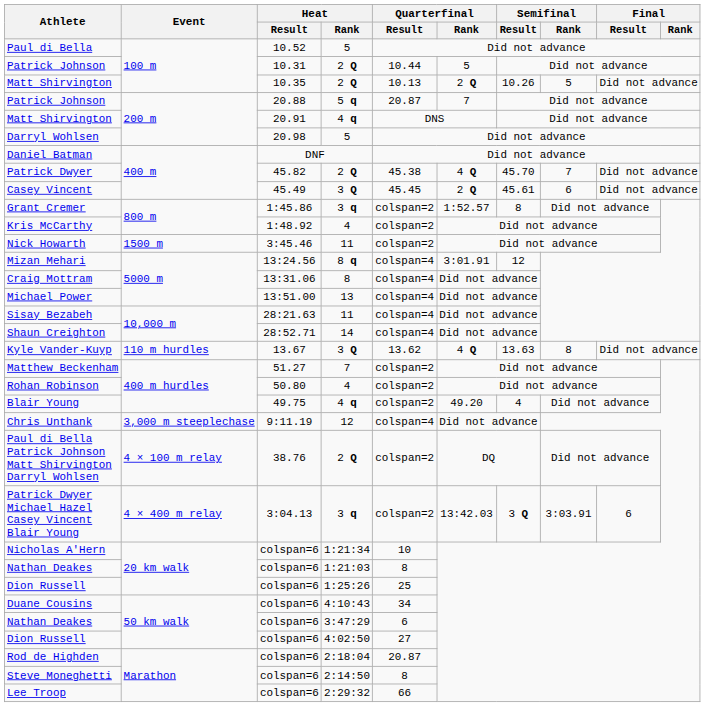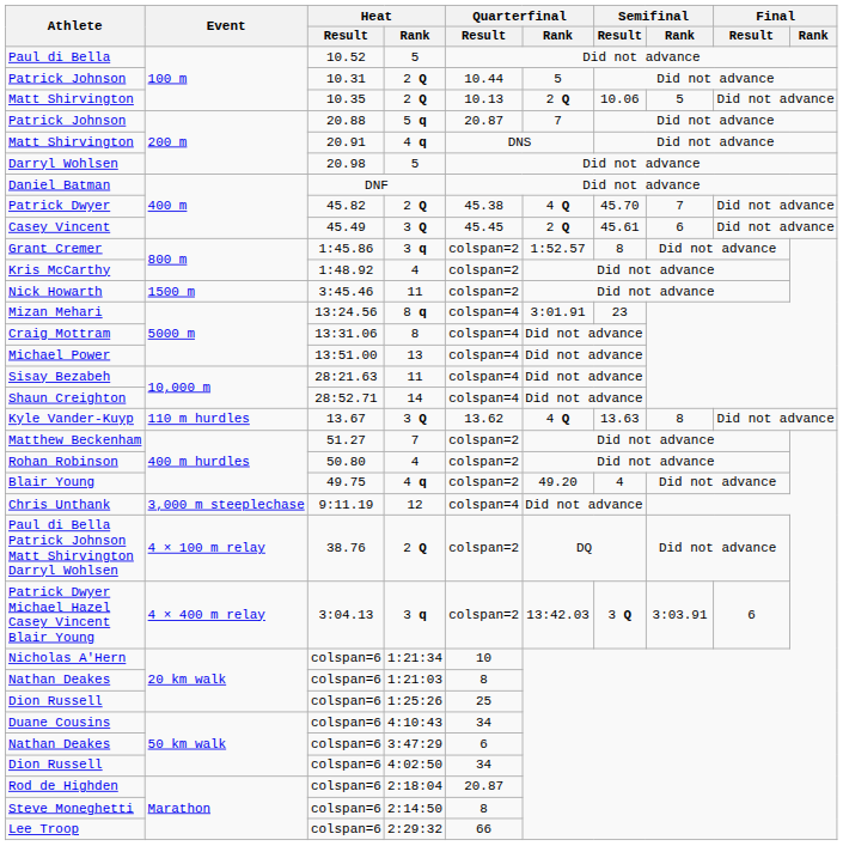 <table class="wikitable" style="font-size:100%;">
 <tr>
 <th rowspan="2">Athlete</th>
 <th rowspan="2">Event</th>
 <th colspan="2">Heat</th>
 <th colspan="2">Quarterfinal</th>
 <th colspan="2">Semifinal</th>
 <th colspan="2">Final</th>
 </tr>
 <tr style="font-size:95%">
 <th>Result</th>
 <th>Rank</th>
 <th>Result</th>
 <th>Rank</th>
 <th>Result</th>
 <th>Rank</th>
 <th>Result</th>
 <th>Rank</th>
 </tr>
 <tr align=center>
 <td align=left><a href='#'>Paul di Bella</a></td>
 <td align=left rowspan=3><a href='#'>100 m</a></td>
 <td>10.52</td>
 <td>5</td>
 <td colspan=6>Did not advance</td>
 </tr>
 <tr align=center>
 <td align=left><a href='#'>Patrick Johnson</a></td>
 <td>10.31</td>
 <td>2 <strong>Q</strong></td>
 <td>10.44</td>
 <td>5</td>
 <td colspan=4>Did not advance</td>
 </tr>
 <tr align=center>
 <td align=left><a href='#'>Matt Shirvington</a></td>
 <td>10.35</td>
 <td>2 <strong>Q</strong></td>
 <td>10.13</td>
 <td>2 <strong>Q</strong></td>
-<td>10.26</td>
+<td>10.06</td>
 <td>5</td>
 <td colspan=2>Did not advance</td>
 </tr>
 <tr align=center>
 <td align=left><a href='#'>Patrick Johnson</a></td>
 <td align=left rowspan=3><a href='#'>200 m</a></td>
 <td>20.88</td>
 <td>5 <strong>q</strong></td>
 <td>20.87</td>
 <td>7</td>
 <td colspan=4>Did not advance</td>
 </tr>
 <tr align=center>
 <td align=left><a href='#'>Matt Shirvington</a></td>
 <td>20.91</td>
 <td>4 <strong>q</strong></td>
 <td colspan=2>DNS</td>
 <td colspan=4>Did not advance</td>
 </tr>
 <tr align=center>
 <td align=left><a href='#'>Darryl Wohlsen</a></td>
 <td>20.98</td>
 <td>5</td>
 <td colspan=6>Did not advance</td>
 </tr>
 <tr align=center>
 <td align=left><a href='#'>Daniel Batman</a></td>
 <td align=left rowspan=3><a href='#'>400 m</a></td>
 <td colspan=2>DNF</td>
 <td colspan=6>Did not advance</td>
 </tr>
 <tr align=center>
 <td align=left><a href='#'>Patrick Dwyer</a></td>
 <td>45.82</td>
 <td>2 <strong>Q</strong></td>
 <td>45.38</td>
 <td>4 <strong>Q</strong></td>
 <td>45.70</td>
 <td>7</td>
 <td colspan=2>Did not advance</td>
 </tr>
 <tr align=center>
 <td align=left><a href='#'>Casey Vincent</a></td>
 <td>45.49</td>
 <td>3 <strong>Q</strong></td>
 <td>45.45</td>
 <td>2 <strong>Q</strong></td>
 <td>45.61</td>
 <td>6</td>
 <td colspan=2>Did not advance</td>
 </tr>
 <tr align=center>
 <td align=left><a href='#'>Grant Cremer</a></td>
 <td align=left rowspan=2><a href='#'>800 m</a></td>
 <td>1:45.86</td>
 <td>3 <strong>q</strong></td>
 <td>colspan=2 </td>
 <td>1:52.57</td>
 <td>8</td>
 <td colspan=2>Did not advance</td>
 </tr>
 <tr align=center>
 <td align=left><a href='#'>Kris McCarthy</a></td>
 <td>1:48.92</td>
 <td>4</td>
 <td>colspan=2 </td>
 <td colspan=4>Did not advance</td>
 </tr>
 <tr align=center>
 <td align=left><a href='#'>Nick Howarth</a></td>
 <td align=left><a href='#'>1500 m</a></td>
 <td>3:45.46</td>
 <td>11</td>
 <td>colspan=2 </td>
 <td colspan=4>Did not advance</td>
 </tr>
 <tr align=center>
 <td align=left><a href='#'>Mizan Mehari</a></td>
 <td align=left rowspan=3><a href='#'>5000 m</a></td>
 <td>13:24.56</td>
 <td>8 <strong>q</strong></td>
 <td>colspan=4 </td>
 <td>3:01.91</td>
-<td>12</td>
+<td>23</td>
 </tr>
 <tr align=center>
 <td align=left><a href='#'>Craig Mottram</a></td>
 <td>13:31.06</td>
 <td>8</td>
 <td>colspan=4 </td>
 <td colspan=2>Did not advance</td>
 </tr>
 <tr align=center>
 <td align=left><a href='#'>Michael Power</a></td>
 <td>13:51.00</td>
 <td>13</td>
 <td>colspan=4 </td>
 <td colspan=2>Did not advance</td>
 </tr>
 <tr align=center>
 <td align=left><a href='#'>Sisay Bezabeh</a></td>
 <td align=left rowspan=2><a href='#'>10,000 m</a></td>
 <td>28:21.63</td>
 <td>11</td>
 <td>colspan=4 </td>
 <td colspan=2>Did not advance</td>
 </tr>
 <tr align=center>
 <td align=left><a href='#'>Shaun Creighton</a></td>
 <td>28:52.71</td>
 <td>14</td>
 <td>colspan=4 </td>
 <td colspan=2>Did not advance</td>
 </tr>
 <tr align=center>
 <td align=left><a href='#'>Kyle Vander-Kuyp</a></td>
 <td align=left><a href='#'>110 m hurdles</a></td>
 <td>13.67</td>
 <td>3 <strong>Q</strong></td>
 <td>13.62</td>
 <td>4 <strong>Q</strong></td>
 <td>13.63</td>
 <td>8</td>
 <td COLSPAN=2>Did not advance</td>
 </tr>
 <tr align=center>
 <td align=left><a href='#'>Matthew Beckenham</a></td>
 <td align=left rowspan=3><a href='#'>400 m hurdles</a></td>
 <td>51.27</td>
 <td>7</td>
 <td>colspan=2 </td>
 <td colspan=4>Did not advance</td>
 </tr>
 <tr align=center>
 <td align=left><a href='#'>Rohan Robinson</a></td>
 <td>50.80</td>
 <td>4</td>
 <td>colspan=2 </td>
 <td colspan=4>Did not advance</td>
 </tr>
 <tr align=center>
 <td align=left><a href='#'>Blair Young</a></td>
 <td>49.75</td>
 <td>4 <strong>q</strong></td>
 <td>colspan=2 </td>
 <td>49.20</td>
 <td>4</td>
 <td colspan=2>Did not advance</td>
 </tr>
 <tr align=center>
 <td align=left><a href='#'>Chris Unthank</a></td>
 <td><a href='#'>3,000 m steeplechase</a></td>
 <td>9:11.19</td>
 <td>12</td>
 <td>colspan=4 </td>
 <td colspan=2>Did not advance</td>
 </tr>
 <tr align=center>
 <td align=left><a href='#'>Paul di Bella</a><br><a href='#'>Patrick Johnson</a><br><a href='#'>Matt Shirvington</a><br><a href='#'>Darryl Wohlsen</a></td>
 <td align=left><a href='#'>4 × 100 m relay</a></td>
 <td>38.76</td>
 <td>2 <strong>Q</strong></td>
 <td>colspan=2 </td>
 <td colspan=2>DQ</td>
 <td colspan=2>Did not advance</td>
 </tr>
 <tr align=center>
 <td align=left><a href='#'>Patrick Dwyer</a><br><a href='#'>Michael Hazel</a><br><a href='#'>Casey Vincent</a><br><a href='#'>Blair Young</a></td>
 <td align=left><a href='#'>4 × 400 m relay</a></td>
 <td>3:04.13</td>
 <td>3 <strong>q</strong></td>
 <td>colspan=2 </td>
 <td>13:42.03</td>
 <td>3 <strong>Q</strong></td>
 <td>3:03.91</td>
 <td>6</td>
 </tr>
 <tr ALIGN=CENTER>
 <td align=left><a href='#'>Nicholas A'Hern</a></td>
 <td align=left rowspan=3><a href='#'>20 km walk</a></td>
 <td>colspan=6 </td>
 <td>1:21:34</td>
 <td>10</td>
 </tr>
 <tr align=center>
 <td align=left><a href='#'>Nathan Deakes</a></td>
 <td>colspan=6 </td>
 <td>1:21:03</td>
 <td>8</td>
 </tr>
 <tr align=center>
 <td align=left><a href='#'>Dion Russell</a></td>
 <td>colspan=6 </td>
 <td>1:25:26</td>
 <td>25</td>
 </tr>
 <tr align=center>
 <td align=left><a href='#'>Duane Cousins</a></td>
 <td align=left rowspan=3><a href='#'>50 km walk</a></td>
 <td>colspan=6 </td>
 <td>4:10:43</td>
 <td>34</td>
 </tr>
 <tr align=center>
 <td align=left><a href='#'>Nathan Deakes</a></td>
 <td>colspan=6 </td>
 <td>3:47:29</td>
 <td>6</td>
 </tr>
 <tr align=center>
 <td align=left><a href='#'>Dion Russell</a></td>
 <td>colspan=6 </td>
 <td>4:02:50</td>
-<td>27</td>
+<td>34</td>
 </tr>
 <tr align=center>
 <td align=left><a href='#'>Rod de Highden</a></td>
 <td align=left rowspan=3><a href='#'>Marathon</a></td>
 <td>colspan=6 </td>
 <td>2:18:04</td>
 <td>20.87</td>
 </tr>
 <tr align=center>
 <td align=left><a href='#'>Steve Moneghetti</a></td>
 <td>colspan=6 </td>
 <td>2:14:50</td>
 <td>8</td>
 </tr>
 <tr align=center>
 <td align=left><a href='#'>Lee Troop</a></td>
 <td>colspan=6 </td>
 <td>2:29:32</td>
 <td>66</td>
 </tr>
 </table>
